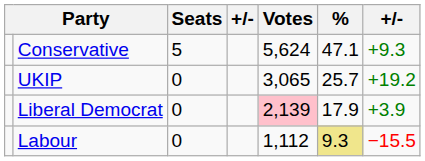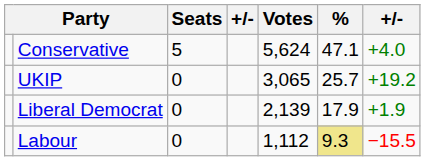 <table class="wikitable sortable">
 <tr>
 <th colspan="2">Party</th>
 <th>Seats</th>
 <th>+/-</th>
 <th>Votes</th>
 <th>%</th>
 <th>+/-</th>
 </tr>
 <tr>
 <td style="background-color: "></td>
 <td><a href='#'>Conservative</a></td>
 <td>5</td>
 <td></td>
 <td>5,624</td>
 <td>47.1</td>
-<td style="color:green">+9.3</td>
+<td style="color:green">+4.0</td>
 </tr>
 <tr>
 <td style="background-color: "></td>
 <td><a href='#'>UKIP</a></td>
 <td>0</td>
 <td></td>
 <td>3,065</td>
 <td>25.7</td>
 <td style="color:green">+19.2</td>
 </tr>
 <tr>
 <td style="background-color: "></td>
 <td><a href='#'>Liberal Democrat</a></td>
 <td>0</td>
 <td></td>
-<td style="background: pink;">2,139</td>
+<td>2,139</td>
 <td>17.9</td>
-<td style="color:green">+3.9</td>
+<td style="color:green">+1.9</td>
 </tr>
 <tr>
 <td style="background-color: "></td>
 <td><a href='#'>Labour</a></td>
 <td>0</td>
 <td></td>
 <td>1,112</td>
 <td style="background: khaki;">9.3</td>
 <td style="color:red">−15.5</td>
 </tr>
 </table>
